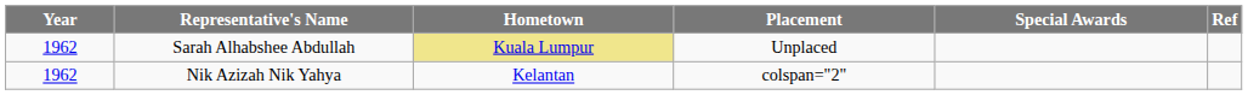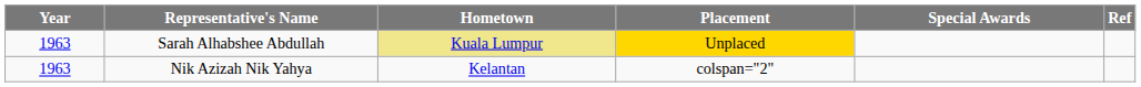 <table class="wikitable sortable" style="font-size: 85%; text-align:center">
 <tr>
 <th width="80" style="background-color:#787878;color:#FFFFFF;">Year</th>
 <th width="230" style="background-color:#787878;color:#FFFFFF;">Representative's Name</th>
 <th width="200" style="background-color:#787878;color:#FFFFFF;">Hometown</th>
 <th width="200" style="background-color:#787878;color:#FFFFFF;">Placement</th>
 <th width="210" style="background-color:#787878;color:#FFFFFF;">Special Awards</th>
 <th width="8" style="background-color:#787878;color:#FFFFFF;">Ref</th>
 </tr>
 <tr>
-<td><a href='#'>1962</a></td>
+<td><a href='#'>1963</a></td>
 <td>Sarah Alhabshee Abdullah</td>
 <td style="background: khaki;"><a href='#'>Kuala Lumpur</a></td>
-<td>Unplaced</td>
+<td style="background: gold;">Unplaced</td>
 <td></td>
 <td></td>
 </tr>
 <tr>
-<td><a href='#'>1962</a></td>
+<td><a href='#'>1963</a></td>
 <td>Nik Azizah Nik Yahya</td>
 <td><a href='#'>Kelantan</a></td>
 <td>colspan="2" </td>
 <td></td>
 </tr>
 </table>
